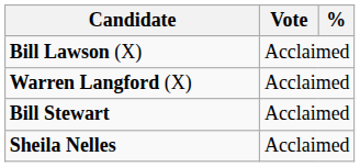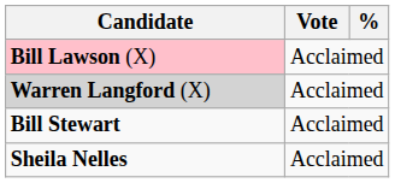 <table class="wikitable">
 <tr>
 <th bgcolor="#DDDDFF" width="200px">Candidate</th>
 <th bgcolor="#DDDDFF">Vote</th>
 <th bgcolor="#DDDDFF">%</th>
 </tr>
 <tr>
-<td><strong>Bill Lawson</strong> (X)</td>
+<td style="background: pink;"><strong>Bill Lawson</strong> (X)</td>
 <td colspan="2">Acclaimed</td>
 </tr>
 <tr>
-<td><strong>Warren Langford</strong> (X)</td>
+<td style="background: lightgrey;"><strong>Warren Langford</strong> (X)</td>
 <td colspan="2">Acclaimed</td>
 </tr>
 <tr>
 <td><strong>Bill Stewart</strong></td>
 <td colspan="2">Acclaimed</td>
 </tr>
 <tr>
 <td><strong>Sheila Nelles</strong></td>
 <td colspan="2">Acclaimed</td>
 </tr>
 </table>
